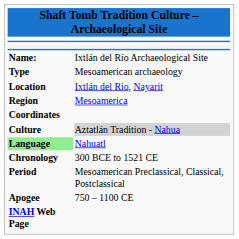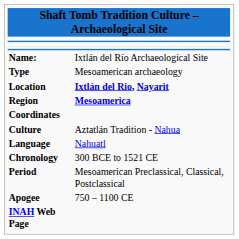 <table class="infobox" style="font-size:90%; text-align:left; width:23.5em">
 <tr>
 <td colspan="3" bgcolor=#1874CD style="text-align: center; font-size: larger;"><span><strong>Shaft Tomb Tradition Culture – Archaeological Site</strong></span></td>
 </tr>
 <tr style="vertical-align: top; text-align: center;">
 <td colspan=3 bgcolor="#FFFFFF" align="center"></td>
 </tr>
 <tr>
 <td colspan="2" bgcolor=#1874CD></td>
 </tr>
 <tr>
 <td colspan=2></td>
 </tr>
 <tr>
 <td style="background:#efefef;"align="center" colspan="2"></td>
 </tr>
 <tr>
 <td colspan="2" bgcolor=#1874CD></td>
 </tr>
 <tr>
 <td><strong>Name:</strong></td>
 <td><span> Ixtlán del Río Archaeological Site</span></td>
 </tr>
 <tr>
 <td><strong>Type</strong></td>
 <td>Mesoamerican archaeology</td>
 </tr>
 <tr>
 <td><strong>Location</strong></td>
-<td><a href='#'>Ixtlán del Rio</a>, <a href='#'>Nayarit</a> <br></td>
+<td><strong><a href='#'>Ixtlán del Rio</a>, <a href='#'>Nayarit</a> <br></strong></td>
 </tr>
 <tr>
 <td><strong>Region</strong></td>
-<td><a href='#'>Mesoamerica</a></td>
+<td><strong><a href='#'>Mesoamerica</a></strong></td>
 </tr>
 <tr>
 <td><strong>Coordinates</strong></td>
 <td></td>
 </tr>
 <tr>
 <td><strong>Culture</strong></td>
-<td style="background: lightgrey;">Aztatlán Tradition - <a href='#'>Nahua</a></td>
+<td>Aztatlán Tradition - <a href='#'>Nahua</a></td>
 </tr>
 <tr>
-<td style="background: lightgreen;"><strong>Language</strong></td>
+<td><strong>Language</strong></td>
 <td><a href='#'>Nahuatl</a></td>
 </tr>
 <tr>
 <td><strong>Chronology</strong></td>
 <td>300 BCE to 1521 CE</td>
 </tr>
 <tr>
 <td><strong>Period</strong></td>
 <td>Mesoamerican Preclassical, Classical, Postclassical</td>
 </tr>
 <tr>
 <td><strong>Apogee</strong></td>
 <td>750 – 1100 CE</td>
 </tr>
 <tr>
 <td><strong><a href='#'>INAH</a> Web Page</strong></td>
 <td></td>
 </tr>
 </table>
